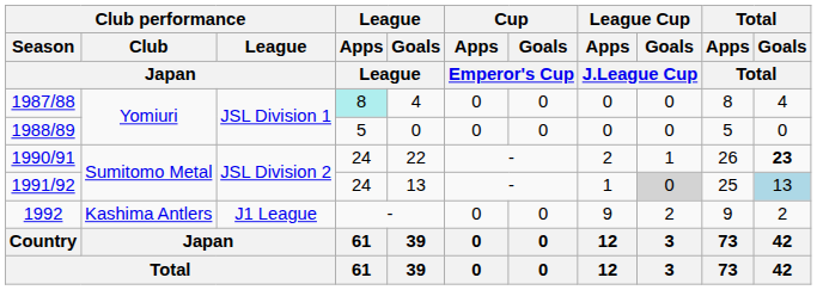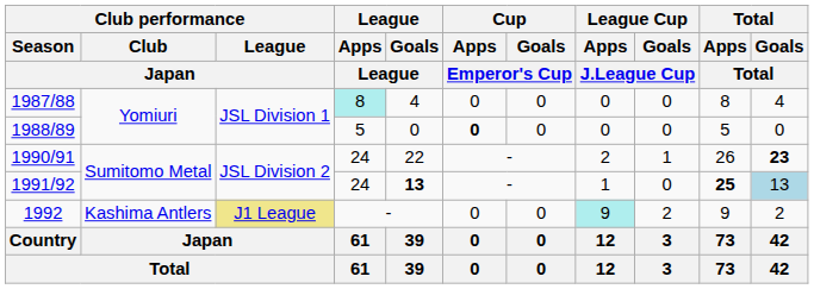 <table class="wikitable" style="text-align:center;">
 <tr>
 <th colspan=3>Club performance</th>
 <th colspan=2>League</th>
 <th colspan=2>Cup</th>
 <th colspan=2>League Cup</th>
 <th colspan=2>Total</th>
 </tr>
 <tr>
 <th>Season</th>
 <th>Club</th>
 <th>League</th>
 <th>Apps</th>
 <th>Goals</th>
 <th>Apps</th>
 <th>Goals</th>
 <th>Apps</th>
 <th>Goals</th>
 <th>Apps</th>
 <th>Goals</th>
 </tr>
 <tr>
 <th colspan=3>Japan</th>
 <th colspan=2>League</th>
 <th colspan=2><a href='#'>Emperor's Cup</a></th>
 <th colspan=2><a href='#'>J.League Cup</a></th>
 <th colspan=2>Total</th>
 </tr>
 <tr>
 <td><a href='#'>1987/88</a></td>
 <td rowspan="2"><a href='#'>Yomiuri</a></td>
 <td rowspan="2"><a href='#'>JSL Division 1</a></td>
 <td style="background: paleturquoise;">8</td>
 <td>4</td>
 <td>0</td>
 <td>0</td>
 <td>0</td>
 <td>0</td>
 <td>8</td>
 <td>4</td>
 </tr>
 <tr>
 <td><a href='#'>1988/89</a></td>
 <td>5</td>
 <td>0</td>
-<td>0</td>
+<td><strong>0</strong></td>
 <td>0</td>
 <td>0</td>
 <td>0</td>
 <td>5</td>
 <td>0</td>
 </tr>
 <tr>
 <td><a href='#'>1990/91</a></td>
 <td rowspan="2"><a href='#'>Sumitomo Metal</a></td>
 <td rowspan="2"><a href='#'>JSL Division 2</a></td>
 <td>24</td>
 <td>22</td>
 <td colspan="2">-</td>
 <td>2</td>
 <td>1</td>
 <td>26</td>
 <td><strong>23</strong></td>
 </tr>
 <tr>
 <td><a href='#'>1991/92</a></td>
 <td>24</td>
-<td>13</td>
+<td><strong>13</strong></td>
 <td colspan="2">-</td>
 <td>1</td>
-<td style="background: lightgrey;">0</td>
-<td>25</td>
+<td>0</td>
+<td><strong>25</strong></td>
 <td style="background: lightblue;">13</td>
 </tr>
 <tr>
 <td><a href='#'>1992</a></td>
 <td><a href='#'>Kashima Antlers</a></td>
-<td><a href='#'>J1 League</a></td>
+<td style="background: khaki;"><a href='#'>J1 League</a></td>
 <td colspan="2">-</td>
 <td>0</td>
 <td>0</td>
-<td>9</td>
+<td style="background: paleturquoise;">9</td>
 <td>2</td>
 <td>9</td>
 <td>2</td>
 </tr>
 <tr>
 <th rowspan=1>Country</th>
 <th colspan=2>Japan</th>
 <th>61</th>
 <th>39</th>
 <th>0</th>
 <th>0</th>
 <th>12</th>
 <th>3</th>
 <th>73</th>
 <th>42</th>
 </tr>
 <tr>
 <th colspan=3>Total</th>
 <th>61</th>
 <th>39</th>
 <th>0</th>
 <th>0</th>
 <th>12</th>
 <th>3</th>
 <th>73</th>
 <th>42</th>
 </tr>
 </table>
